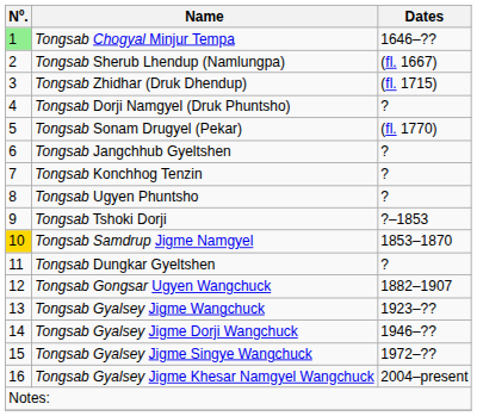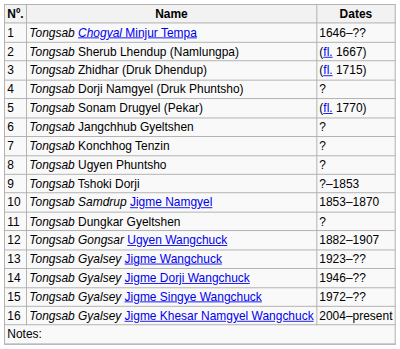 <table class=wikitable style="font-size: 85%;">
 <tr>
 <th>Nº.</th>
 <th>Name</th>
 <th>Dates</th>
 </tr>
 <tr>
-<td style="background: lightgreen;">1</td>
+<td>1</td>
 <td><em>Tongsab</em> <a href='#'><em>Chogyal</em> Minjur Tempa</a></td>
 <td>1646–??</td>
 </tr>
 <tr>
 <td>2</td>
 <td><em>Tongsab</em> Sherub Lhendup (Namlungpa)</td>
 <td>(<a href='#'>fl.</a> 1667)</td>
 </tr>
 <tr>
 <td>3</td>
 <td><em>Tongsab</em>  Zhidhar (Druk Dhendup)</td>
 <td>(<a href='#'>fl.</a> 1715)</td>
 </tr>
 <tr>
 <td>4</td>
 <td><em>Tongsab</em> Dorji Namgyel (Druk Phuntsho)</td>
 <td>?</td>
 </tr>
 <tr>
 <td>5</td>
 <td><em>Tongsab</em> Sonam Drugyel (Pekar)</td>
 <td>(<a href='#'>fl.</a> 1770)</td>
 </tr>
 <tr>
 <td>6</td>
 <td><em>Tongsab</em> Jangchhub Gyeltshen</td>
 <td>?</td>
 </tr>
 <tr>
 <td>7</td>
 <td><em>Tongsab</em> Konchhog Tenzin</td>
 <td>?</td>
 </tr>
 <tr>
 <td>8</td>
 <td><em>Tongsab</em> Ugyen Phuntsho</td>
 <td>?</td>
 </tr>
 <tr>
 <td>9</td>
 <td><em>Tongsab</em> Tshoki Dorji</td>
 <td>?–1853</td>
 </tr>
 <tr>
-<td style="background: gold;">10</td>
+<td>10</td>
 <td><em>Tongsab Samdrup</em> <a href='#'>Jigme Namgyel</a></td>
 <td>1853–1870</td>
 </tr>
 <tr>
 <td>11</td>
 <td><em>Tongsab</em> Dungkar Gyeltshen</td>
 <td>?</td>
 </tr>
 <tr>
 <td>12</td>
 <td><em>Tongsab Gongsar</em> <a href='#'>Ugyen Wangchuck</a></td>
 <td>1882–1907</td>
 </tr>
 <tr>
 <td>13</td>
 <td><em>Tongsab Gyalsey</em> <a href='#'>Jigme Wangchuck</a></td>
 <td>1923–??</td>
 </tr>
 <tr>
 <td>14</td>
 <td><em>Tongsab Gyalsey</em> <a href='#'>Jigme Dorji Wangchuck</a></td>
 <td>1946–??</td>
 </tr>
 <tr>
 <td>15</td>
 <td><em>Tongsab Gyalsey</em> <a href='#'>Jigme Singye Wangchuck</a></td>
 <td>1972–??</td>
 </tr>
 <tr>
 <td>16</td>
 <td><em>Tongsab Gyalsey</em> <a href='#'>Jigme Khesar Namgyel Wangchuck</a></td>
 <td>2004–present</td>
 </tr>
 <tr>
 <td colspan=4>Notes:<br></td>
 </tr>
 <tr>
 </tr>
 </table>
